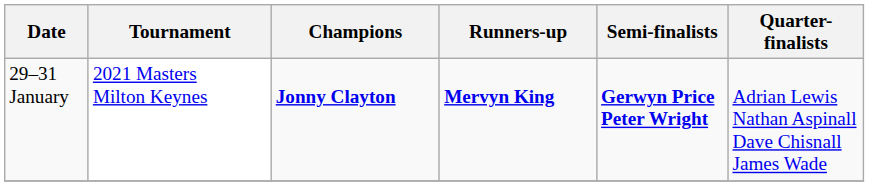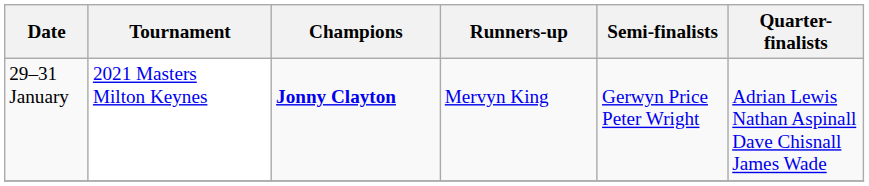 <table class=wikitable style=font-size:85%>
 <tr>
 <th width=75>Date</th>
 <th width=230>Tournament</th>
 <th width=210>Champions</th>
 <th width=210>Runners-up</th>
 <th width=170>Semi-finalists</th>
 <th width=170>Quarter-finalists</th>
 </tr>
 <tr valign="top">
 <td>29–31 January</td>
 <td bgcolor="#ffffff"><a href='#'>2021 Masters</a><br> <a href='#'>Milton Keynes</a></td>
 <td><br> <strong><a href='#'>Jonny Clayton</a></strong></td>
-<td><strong><br> <a href='#'>Mervyn King</a></strong></td>
-<td><strong><br> <a href='#'>Gerwyn Price</a> <br>  <a href='#'>Peter Wright</a></strong></td>
+<td><br> <a href='#'>Mervyn King</a></td>
+<td><br> <a href='#'>Gerwyn Price</a> <br>  <a href='#'>Peter Wright</a></td>
 <td><br> <a href='#'>Adrian Lewis</a> <br>  <a href='#'>Nathan Aspinall</a> <br>  <a href='#'>Dave Chisnall</a> <br>  <a href='#'>James Wade</a></td>
 </tr>
 <tr valign="top">
 </tr>
 </table>
